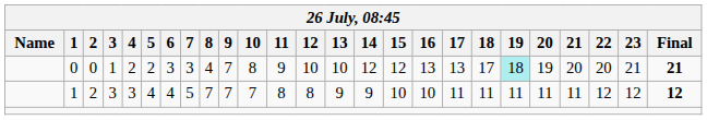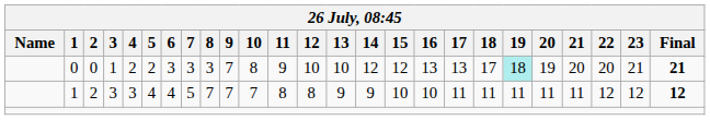 <table class=wikitable style="text-align:center; width: 55%">
 <tr>
 <th colspan=25><em>26 July, 08:45</em></th>
 </tr>
 <tr>
 <th>Name</th>
 <th>1</th>
 <th>2</th>
 <th>3</th>
 <th>4</th>
 <th>5</th>
 <th>6</th>
 <th>7</th>
 <th>8</th>
 <th>9</th>
 <th>10</th>
 <th>11</th>
 <th>12</th>
 <th>13</th>
 <th>14</th>
 <th>15</th>
 <th>16</th>
 <th>17</th>
 <th>18</th>
 <th>19</th>
 <th>20</th>
 <th>21</th>
 <th>22</th>
 <th>23</th>
 <th>Final</th>
 </tr>
 <tr>
 <td align=left><strong></strong></td>
 <td>0</td>
 <td>0</td>
 <td>1</td>
 <td>2</td>
 <td>2</td>
 <td>3</td>
 <td>3</td>
-<td>4</td>
+<td>3</td>
 <td>7</td>
 <td>8</td>
 <td>9</td>
 <td>10</td>
 <td>10</td>
 <td>12</td>
 <td>12</td>
 <td>13</td>
 <td>13</td>
 <td>17</td>
 <td style="background: paleturquoise;">18</td>
 <td>19</td>
 <td>20</td>
 <td>20</td>
 <td>21</td>
 <td><strong>21</strong></td>
 </tr>
 <tr>
 <td align=left></td>
 <td>1</td>
 <td>2</td>
 <td>3</td>
 <td>3</td>
 <td>4</td>
 <td>4</td>
 <td>5</td>
 <td>7</td>
 <td>7</td>
 <td>7</td>
 <td>8</td>
 <td>8</td>
 <td>9</td>
 <td>9</td>
 <td>10</td>
 <td>10</td>
 <td>11</td>
 <td>11</td>
 <td>11</td>
 <td>11</td>
 <td>11</td>
 <td>12</td>
 <td>12</td>
 <td><strong>12</strong></td>
 </tr>
 <tr>
 <td colspan=25></td>
 </tr>
 </table>
